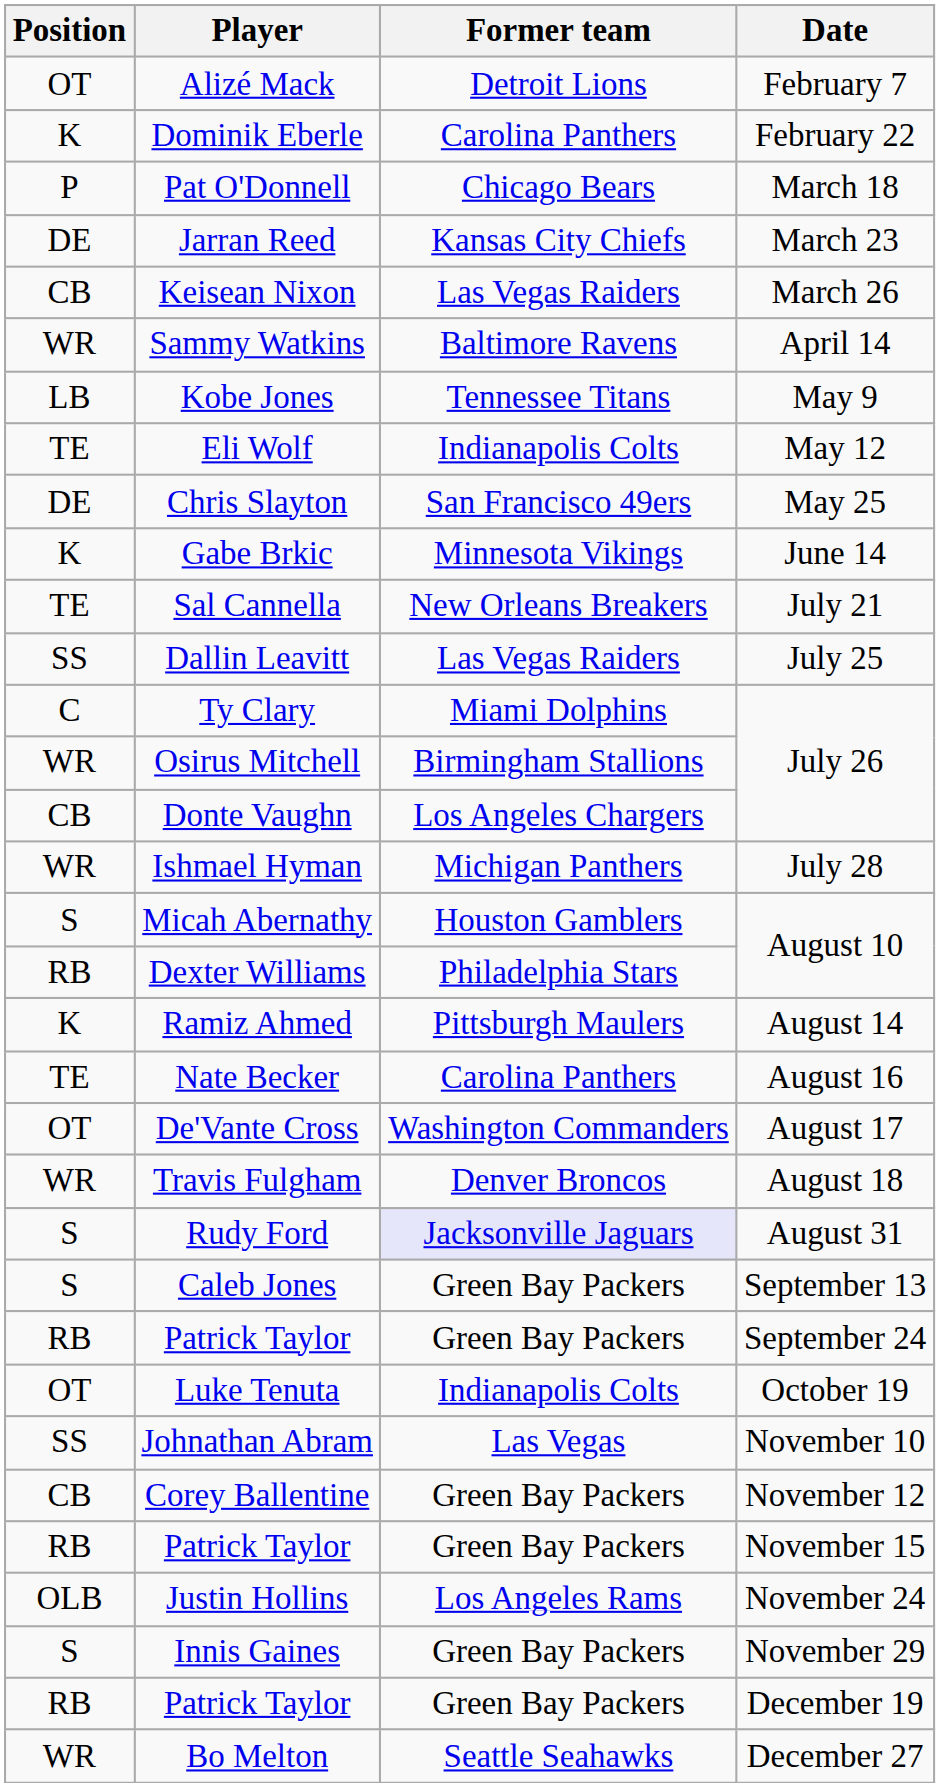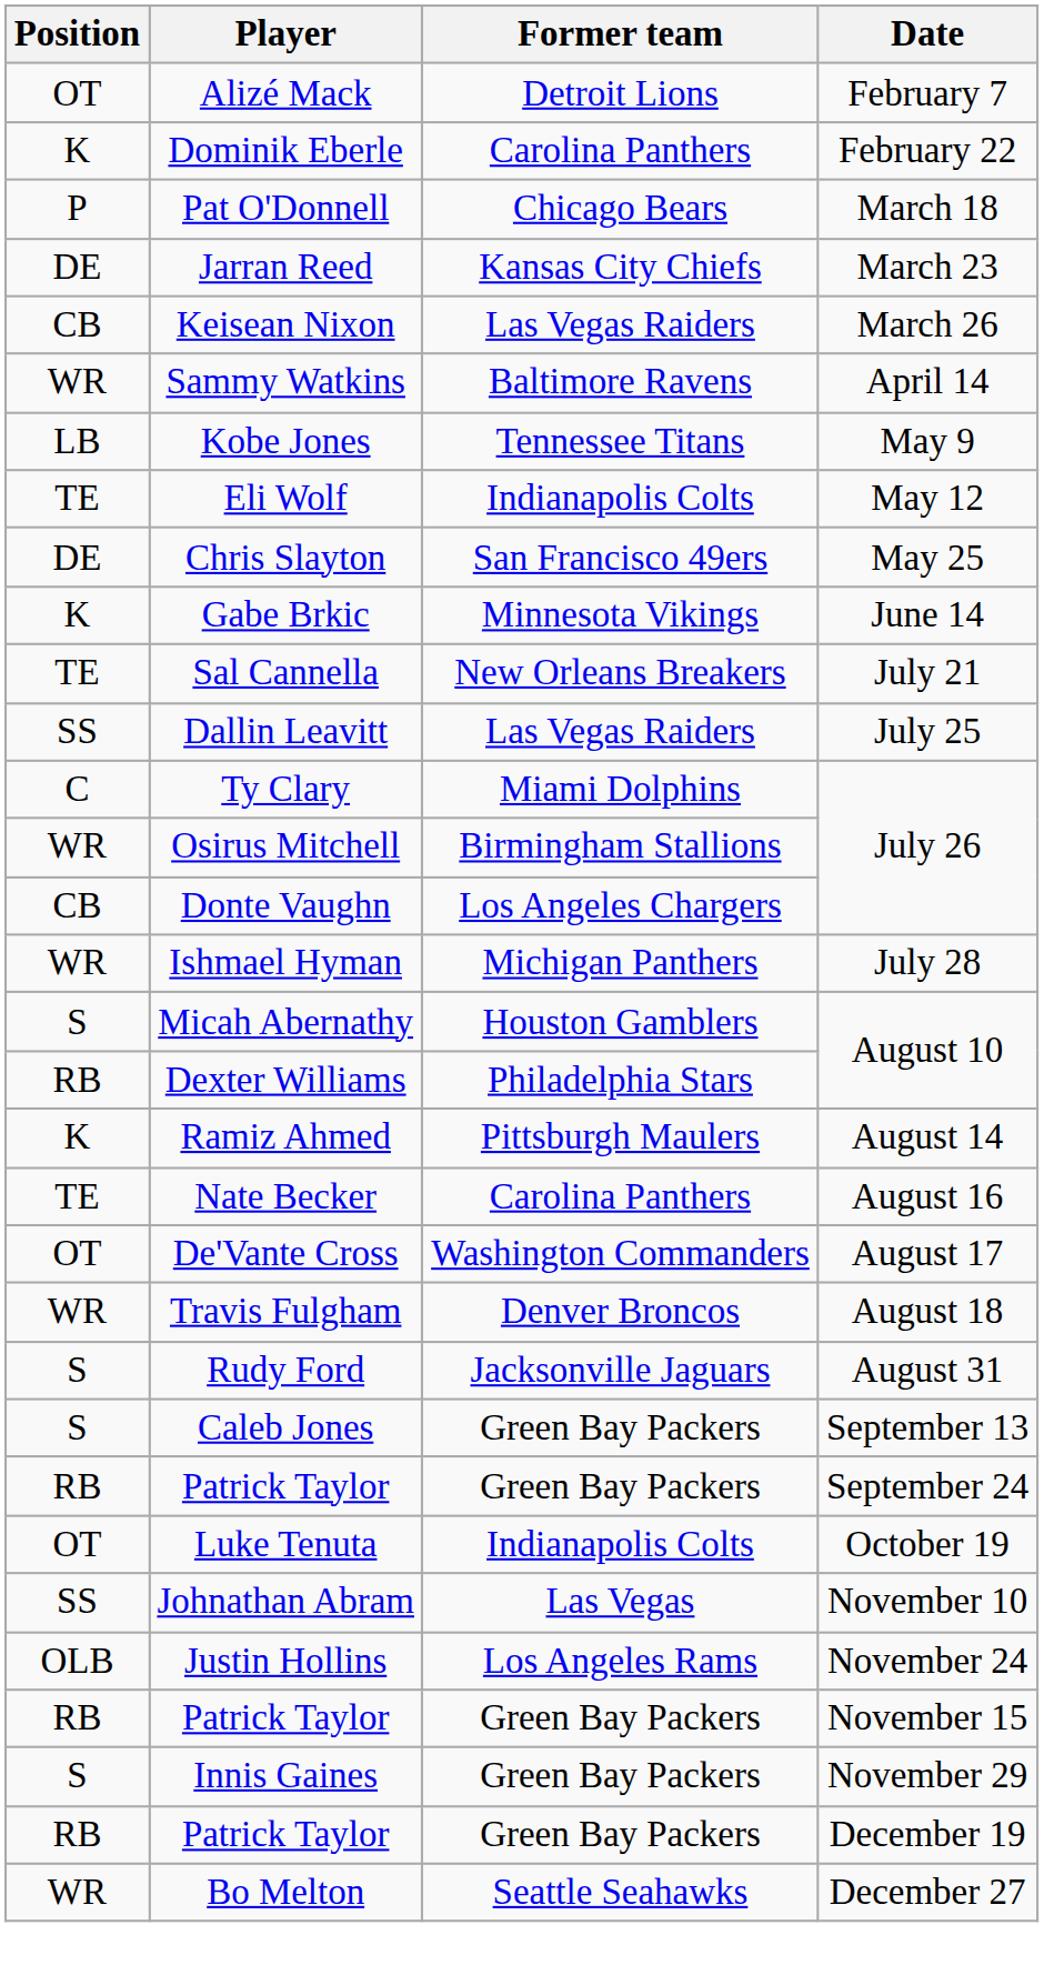 <table class="wikitable" style="text-align:center">
 <tr>
 <th>Position</th>
 <th>Player</th>
 <th>Former team</th>
 <th>Date</th>
 </tr>
 <tr>
 <td>OT</td>
 <td><a href='#'>Alizé Mack</a></td>
 <td><a href='#'>Detroit Lions</a></td>
 <td>February 7</td>
 </tr>
 <tr>
 <td>K</td>
 <td><a href='#'>Dominik Eberle</a></td>
 <td><a href='#'>Carolina Panthers</a></td>
 <td>February 22</td>
 </tr>
 <tr>
 <td>P</td>
 <td><a href='#'>Pat O'Donnell</a></td>
 <td><a href='#'>Chicago Bears</a></td>
 <td>March 18</td>
 </tr>
 <tr>
 <td>DE</td>
 <td><a href='#'>Jarran Reed</a></td>
 <td><a href='#'>Kansas City Chiefs</a></td>
 <td>March 23</td>
 </tr>
 <tr>
 <td>CB</td>
 <td><a href='#'>Keisean Nixon</a></td>
 <td><a href='#'>Las Vegas Raiders</a></td>
 <td>March 26</td>
 </tr>
 <tr>
 <td>WR</td>
 <td><a href='#'>Sammy Watkins</a></td>
 <td><a href='#'>Baltimore Ravens</a></td>
 <td>April 14</td>
 </tr>
 <tr>
 <td>LB</td>
 <td><a href='#'>Kobe Jones</a></td>
 <td><a href='#'>Tennessee Titans</a></td>
 <td>May 9</td>
 </tr>
 <tr>
 <td>TE</td>
 <td><a href='#'>Eli Wolf</a></td>
 <td><a href='#'>Indianapolis Colts</a></td>
 <td>May 12</td>
 </tr>
 <tr>
 <td>DE</td>
 <td><a href='#'>Chris Slayton</a></td>
 <td><a href='#'>San Francisco 49ers</a></td>
 <td>May 25</td>
 </tr>
 <tr>
 <td>K</td>
 <td><a href='#'>Gabe Brkic</a></td>
 <td><a href='#'>Minnesota Vikings</a></td>
 <td>June 14</td>
 </tr>
 <tr>
 <td>TE</td>
 <td><a href='#'>Sal Cannella</a></td>
 <td><a href='#'>New Orleans Breakers</a></td>
 <td>July 21</td>
 </tr>
 <tr>
 <td>SS</td>
 <td><a href='#'>Dallin Leavitt</a></td>
 <td><a href='#'>Las Vegas Raiders</a></td>
 <td>July 25</td>
 </tr>
 <tr>
 <td>C</td>
 <td><a href='#'>Ty Clary</a></td>
 <td><a href='#'>Miami Dolphins</a></td>
 <td rowspan="3">July 26</td>
 </tr>
 <tr>
 <td>WR</td>
 <td><a href='#'>Osirus Mitchell</a></td>
 <td><a href='#'>Birmingham Stallions</a></td>
 </tr>
 <tr>
 <td>CB</td>
 <td><a href='#'>Donte Vaughn</a></td>
 <td><a href='#'>Los Angeles Chargers</a></td>
 </tr>
 <tr>
 <td>WR</td>
 <td><a href='#'>Ishmael Hyman</a></td>
 <td><a href='#'>Michigan Panthers</a></td>
 <td>July 28</td>
 </tr>
 <tr>
 <td>S</td>
 <td><a href='#'>Micah Abernathy</a></td>
 <td><a href='#'>Houston Gamblers</a></td>
 <td rowspan="2">August 10</td>
 </tr>
 <tr>
 <td>RB</td>
 <td><a href='#'>Dexter Williams</a></td>
 <td><a href='#'>Philadelphia Stars</a></td>
 </tr>
 <tr>
 <td>K</td>
 <td><a href='#'>Ramiz Ahmed</a></td>
 <td><a href='#'>Pittsburgh Maulers</a></td>
 <td>August 14</td>
 </tr>
 <tr>
 <td>TE</td>
 <td><a href='#'>Nate Becker</a></td>
 <td><a href='#'>Carolina Panthers</a></td>
 <td>August 16</td>
 </tr>
 <tr>
 <td>OT</td>
 <td><a href='#'>De'Vante Cross</a></td>
 <td><a href='#'>Washington Commanders</a></td>
 <td>August 17</td>
 </tr>
 <tr>
 <td>WR</td>
 <td><a href='#'>Travis Fulgham</a></td>
 <td><a href='#'>Denver Broncos</a></td>
 <td>August 18</td>
 </tr>
 <tr>
 <td>S</td>
 <td><a href='#'>Rudy Ford</a></td>
-<td style="background: lavender;"><a href='#'>Jacksonville Jaguars</a></td>
+<td><a href='#'>Jacksonville Jaguars</a></td>
 <td>August 31</td>
 </tr>
 <tr>
 <td>S</td>
 <td><a href='#'>Caleb Jones</a></td>
 <td>Green Bay Packers</td>
 <td>September 13</td>
 </tr>
 <tr>
 <td>RB</td>
 <td><a href='#'>Patrick Taylor</a></td>
 <td>Green Bay Packers</td>
 <td>September 24</td>
 </tr>
 <tr>
 <td>OT</td>
 <td><a href='#'>Luke Tenuta</a></td>
 <td><a href='#'>Indianapolis Colts</a></td>
 <td>October 19</td>
 </tr>
 <tr>
 <td>SS</td>
 <td><a href='#'>Johnathan Abram</a></td>
 <td><a href='#'>Las Vegas</a></td>
 <td>November 10</td>
 </tr>
 <tr>
-<td>CB</td>
-<td><a href='#'>Corey Ballentine</a></td>
-<td>Green Bay Packers</td>
-<td>November 12</td>
+<td>OLB</td>
+<td><a href='#'>Justin Hollins</a></td>
+<td><a href='#'>Los Angeles Rams</a></td>
+<td>November 24</td>
 </tr>
 <tr>
 <td>RB</td>
 <td><a href='#'>Patrick Taylor</a></td>
 <td>Green Bay Packers</td>
 <td>November 15</td>
-</tr>
-<tr>
-<td>OLB</td>
-<td><a href='#'>Justin Hollins</a></td>
-<td><a href='#'>Los Angeles Rams</a></td>
-<td>November 24</td>
 </tr>
 <tr>
 <td>S</td>
 <td><a href='#'>Innis Gaines</a></td>
 <td>Green Bay Packers</td>
 <td>November 29</td>
 </tr>
 <tr>
 <td>RB</td>
 <td><a href='#'>Patrick Taylor</a></td>
 <td>Green Bay Packers</td>
 <td>December 19</td>
 </tr>
 <tr>
 <td>WR</td>
 <td><a href='#'>Bo Melton</a></td>
 <td><a href='#'>Seattle Seahawks</a></td>
 <td>December 27</td>
 </tr>
 </table>
